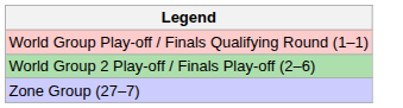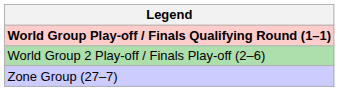 <table class=wikitable style=font-size:90%>
 <tr>
 <th>Legend</th>
 </tr>
 <tr>
-<td bgcolor="ffcccc">World Group Play-off / Finals Qualifying Round (1–1)</td>
+<td bgcolor="ffcccc"><strong>World Group Play-off / Finals Qualifying Round (1–1)</strong></td>
 </tr>
 <tr>
 <td bgcolor="#ADDFAD">World Group 2 Play-off / Finals Play-off (2–6)</td>
 </tr>
 <tr>
 <td bgcolor="CCCCFF">Zone Group (27–7)</td>
 </tr>
 </table>
